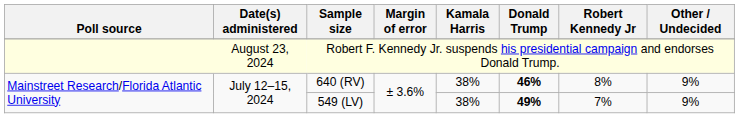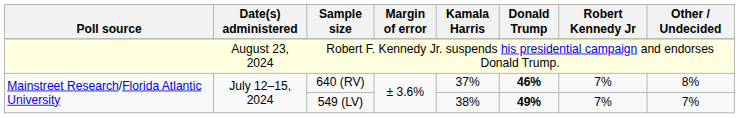 <table class="wikitable sortable mw-datatable" style="font-size:90%;text-align:center;line-height:17px">
 <tr valign=bottom>
 <th>Poll source</th>
 <th>Date(s)<br>administered</th>
 <th>Sample<br>size</th>
 <th>Margin<br>of error</th>
 <th class="unsortable">Kamala<br>Harris<br></th>
 <th class="unsortable">Donald<br>Trump<br></th>
 <th class="unsortable">Robert<br>Kennedy Jr<br></th>
 <th class="unsortable">Other /<br>Undecided</th>
 </tr>
 <tr>
 </tr>
 <tr style="background:lightyellow;">
 <td style="border-right-style:hidden; background:lightyellow;"></td>
 <td style="border-right-style:hidden; " data-sort-value="2024-07-21">August 23, 2024</td>
 <td colspan="6">Robert F. Kennedy Jr. suspends <a href='#'>his presidential campaign</a> and endorses Donald Trump.</td>
 </tr>
 <tr>
 <td style="text-align:left;" rowspan="2"><a href='#'>Mainstreet Research</a>/<a href='#'>Florida Atlantic University</a></td>
 <td rowspan="2">July 12–15, 2024</td>
 <td>640 (RV)</td>
 <td rowspan="2">± 3.6%</td>
-<td>38%</td>
+<td>37%</td>
 <td style="background-color:"><strong>46%</strong></td>
+<td>7%</td>
 <td>8%</td>
-<td>9%</td>
 </tr>
 <tr>
 <td>549 (LV)</td>
 <td>38%</td>
 <td style="background-color:"><strong>49%</strong></td>
 <td>7%</td>
-<td>9%</td>
+<td>7%</td>
 </tr>
 </table>
